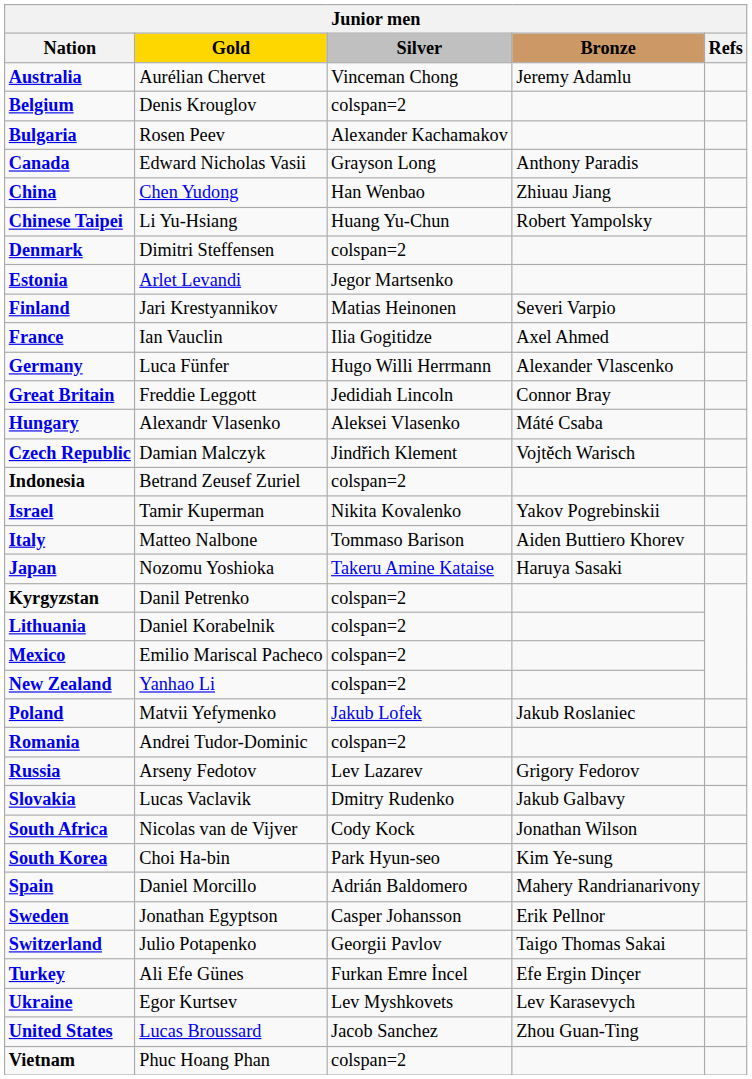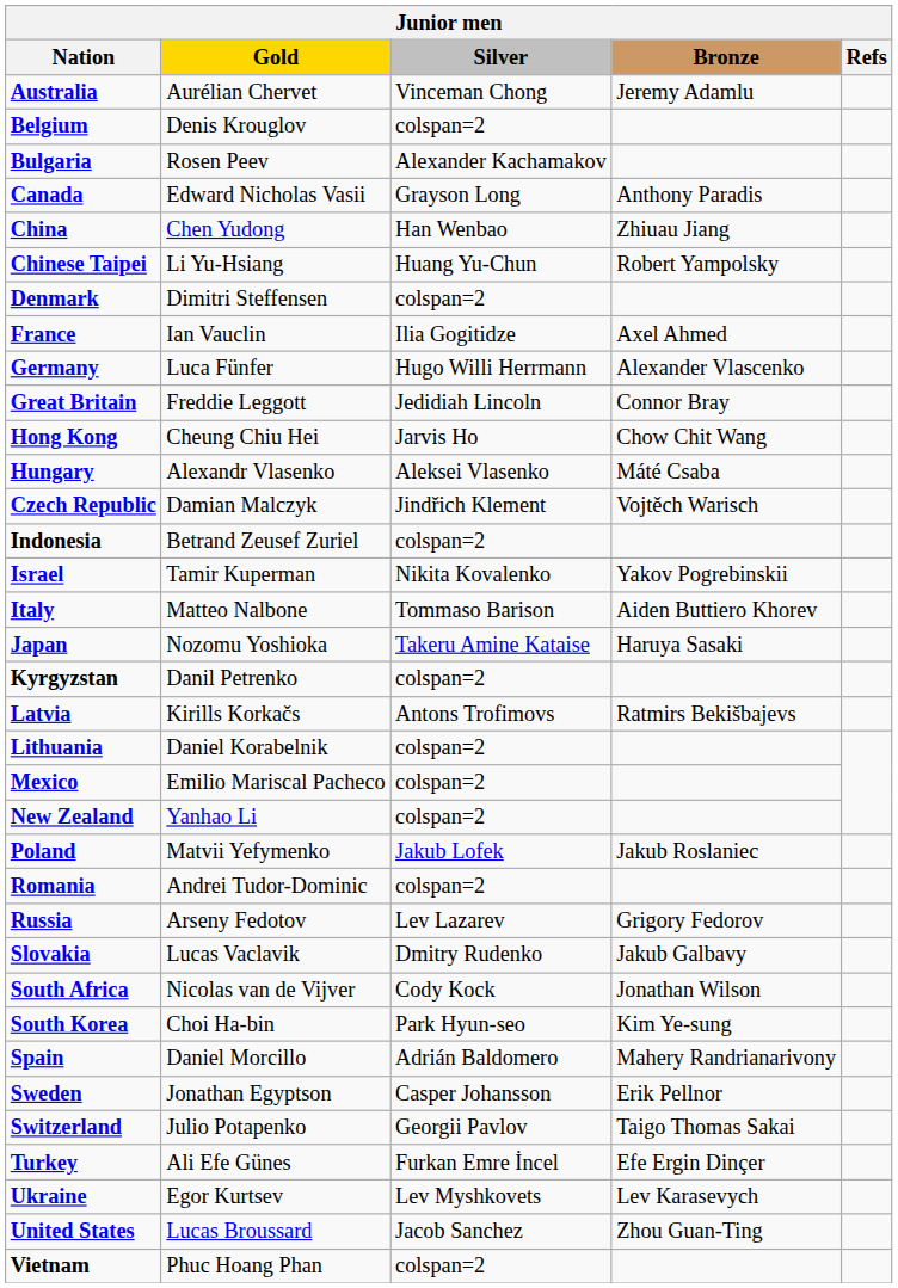 <table class="wikitable">
 <tr>
 <th colspan=5>Junior men</th>
 </tr>
 <tr>
 <th>Nation</th>
 <td style="text-align:center; background:gold;"><strong>Gold</strong></td>
 <td style="text-align:center; background:silver;"><strong>Silver</strong></td>
 <td style="text-align:center; background:#c96;"><strong>Bronze</strong></td>
 <th>Refs</th>
 </tr>
 <tr>
 <td><strong> <a href='#'>Australia</a></strong></td>
 <td>Aurélian Chervet</td>
 <td>Vinceman Chong</td>
 <td>Jeremy Adamlu</td>
 <td></td>
 </tr>
 <tr>
 <td><strong> <a href='#'>Belgium</a></strong></td>
 <td>Denis Krouglov</td>
 <td>colspan=2 </td>
 <td></td>
 </tr>
 <tr>
 <td><strong> <a href='#'>Bulgaria</a></strong></td>
 <td>Rosen Peev</td>
 <td>Alexander Kachamakov</td>
 <td></td>
 <td></td>
 </tr>
 <tr>
 <td><strong> <a href='#'>Canada</a></strong></td>
 <td>Edward Nicholas Vasii</td>
 <td>Grayson Long</td>
 <td>Anthony Paradis</td>
 <td></td>
 </tr>
 <tr>
 <td><strong> <a href='#'>China</a></strong></td>
 <td><a href='#'>Chen Yudong</a></td>
 <td>Han Wenbao</td>
 <td>Zhiuau Jiang</td>
 <td></td>
 </tr>
 <tr>
 <td><strong> <a href='#'>Chinese Taipei</a></strong></td>
 <td>Li Yu-Hsiang</td>
 <td>Huang Yu-Chun</td>
 <td>Robert Yampolsky</td>
 <td></td>
 </tr>
 <tr>
 <td><strong> <a href='#'>Denmark</a></strong></td>
 <td>Dimitri Steffensen</td>
 <td>colspan=2 </td>
 <td></td>
 </tr>
 <tr>
-<td><strong> <a href='#'>Estonia</a></strong></td>
-<td><a href='#'>Arlet Levandi</a></td>
-<td>Jegor Martsenko</td>
-<td></td>
-<td></td>
-</tr>
-<tr>
-<td><strong> <a href='#'>Finland</a></strong></td>
-<td>Jari Krestyannikov</td>
-<td>Matias Heinonen</td>
-<td>Severi Varpio</td>
-<td></td>
-</tr>
-<tr>
 <td><strong> <a href='#'>France</a></strong></td>
 <td>Ian Vauclin</td>
 <td>Ilia Gogitidze</td>
 <td>Axel Ahmed</td>
 <td></td>
 </tr>
 <tr>
 <td><strong> <a href='#'>Germany</a></strong></td>
 <td>Luca Fünfer</td>
 <td>Hugo Willi Herrmann</td>
 <td>Alexander Vlascenko</td>
 <td></td>
 </tr>
 <tr>
 <td><strong> <a href='#'>Great Britain</a></strong></td>
 <td>Freddie Leggott</td>
 <td>Jedidiah Lincoln</td>
 <td>Connor Bray</td>
+<td></td>
+</tr>
+<tr>
+<td><strong> <a href='#'>Hong Kong</a></strong></td>
+<td>Cheung Chiu Hei</td>
+<td>Jarvis Ho</td>
+<td>Chow Chit Wang</td>
 <td></td>
 </tr>
 <tr>
 <td><strong> <a href='#'>Hungary</a></strong></td>
 <td>Alexandr Vlasenko</td>
 <td>Aleksei Vlasenko</td>
 <td>Máté Csaba</td>
 <td></td>
 </tr>
 <tr>
 <td><strong> <a href='#'>Czech Republic</a></strong></td>
 <td>Damian Malczyk</td>
 <td>Jindřich Klement</td>
 <td>Vojtěch Warisch</td>
 <td></td>
 </tr>
 <tr>
 <td><strong> Indonesia</strong></td>
 <td>Betrand Zeusef Zuriel</td>
 <td>colspan=2 </td>
 <td></td>
 </tr>
 <tr>
 <td><strong> <a href='#'>Israel</a></strong></td>
 <td>Tamir Kuperman</td>
 <td>Nikita Kovalenko</td>
 <td>Yakov Pogrebinskii</td>
 <td></td>
 </tr>
 <tr>
 <td><strong> <a href='#'>Italy</a></strong></td>
 <td>Matteo Nalbone</td>
 <td>Tommaso Barison</td>
 <td>Aiden Buttiero Khorev</td>
 <td></td>
 </tr>
 <tr>
 <td><strong> <a href='#'>Japan</a></strong></td>
 <td>Nozomu Yoshioka</td>
 <td><a href='#'>Takeru Amine Kataise</a></td>
 <td>Haruya Sasaki</td>
 <td></td>
 </tr>
 <tr>
 <td><strong> Kyrgyzstan</strong></td>
 <td>Danil Petrenko</td>
 <td>colspan=2 </td>
+<td></td>
+</tr>
+<tr>
+<td><strong> <a href='#'>Latvia</a></strong></td>
+<td>Kirills Korkačs</td>
+<td>Antons Trofimovs</td>
+<td>Ratmirs Bekišbajevs</td>
 <td></td>
 </tr>
 <tr>
 <td><strong> <a href='#'>Lithuania</a></strong></td>
 <td>Daniel Korabelnik</td>
 <td>colspan=2 </td>
 <td></td>
 </tr>
 <tr>
 <td><strong> <a href='#'>Mexico</a></strong></td>
 <td>Emilio Mariscal Pacheco</td>
 <td>colspan=2 </td>
 <td></td>
 </tr>
 <tr>
 <td><strong> <a href='#'>New Zealand</a></strong></td>
 <td><a href='#'>Yanhao Li</a></td>
 <td>colspan=2 </td>
 <td></td>
 </tr>
 <tr>
 <td><strong> <a href='#'>Poland</a></strong></td>
 <td>Matvii Yefymenko</td>
 <td><a href='#'>Jakub Lofek</a></td>
 <td>Jakub Roslaniec</td>
 <td></td>
 </tr>
 <tr>
 <td><strong> <a href='#'>Romania</a></strong></td>
 <td>Andrei Tudor-Dominic</td>
 <td>colspan=2 </td>
 <td></td>
 </tr>
 <tr>
 <td><strong> <a href='#'>Russia</a></strong></td>
 <td>Arseny Fedotov</td>
 <td>Lev Lazarev</td>
 <td>Grigory Fedorov</td>
 <td></td>
 </tr>
 <tr>
 <td><strong> <a href='#'>Slovakia</a></strong></td>
 <td>Lucas Vaclavik</td>
 <td>Dmitry Rudenko</td>
 <td>Jakub Galbavy</td>
 <td></td>
 </tr>
 <tr>
 <td><strong> <a href='#'>South Africa</a></strong></td>
 <td>Nicolas van de Vijver</td>
 <td>Cody Kock</td>
 <td>Jonathan Wilson</td>
 <td></td>
 </tr>
 <tr>
 <td><strong> <a href='#'>South Korea</a></strong></td>
 <td>Choi Ha-bin</td>
 <td>Park Hyun-seo</td>
 <td>Kim Ye-sung</td>
 <td></td>
 </tr>
 <tr>
 <td><strong> <a href='#'>Spain</a></strong></td>
 <td>Daniel Morcillo</td>
 <td>Adrián Baldomero</td>
 <td>Mahery Randrianarivony</td>
 <td></td>
 </tr>
 <tr>
 <td><strong> <a href='#'>Sweden</a></strong></td>
 <td>Jonathan Egyptson</td>
 <td>Casper Johansson</td>
 <td>Erik Pellnor</td>
 <td></td>
 </tr>
 <tr>
 <td><strong> <a href='#'>Switzerland</a></strong></td>
 <td>Julio Potapenko</td>
 <td>Georgii Pavlov</td>
 <td>Taigo Thomas Sakai</td>
 <td></td>
 </tr>
 <tr>
 <td><strong> <a href='#'>Turkey</a></strong></td>
 <td>Ali Efe Günes</td>
 <td>Furkan Emre İncel</td>
 <td>Efe Ergin Dinçer</td>
 <td></td>
 </tr>
 <tr>
 <td><strong> <a href='#'>Ukraine</a></strong></td>
 <td>Egor Kurtsev</td>
 <td>Lev Myshkovets</td>
 <td>Lev Karasevych</td>
 <td></td>
 </tr>
 <tr>
 <td><strong> <a href='#'>United States</a></strong></td>
 <td><a href='#'>Lucas Broussard</a></td>
 <td>Jacob Sanchez</td>
 <td>Zhou Guan-Ting</td>
 <td></td>
 </tr>
 <tr>
 <td><strong> Vietnam</strong></td>
 <td>Phuc Hoang Phan</td>
 <td>colspan=2 </td>
 <td></td>
 </tr>
 </table>
